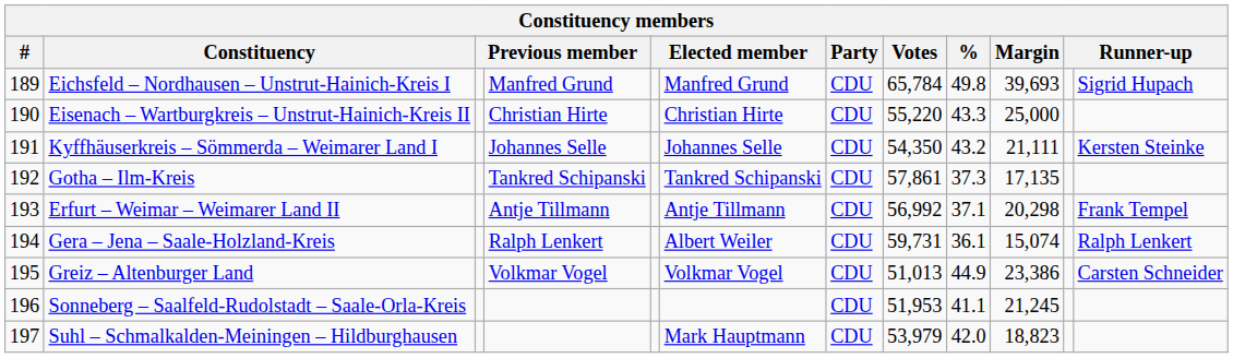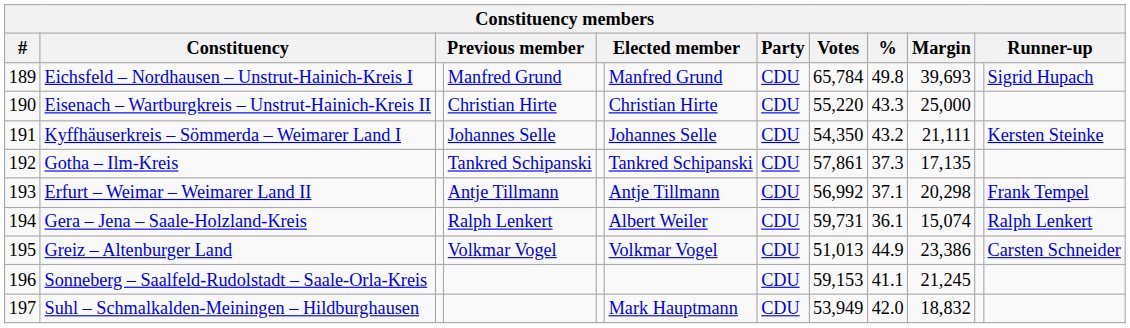 <table class="wikitable sortable" style="text-align:right">
 <tr>
 <th colspan="12">Constituency members</th>
 </tr>
 <tr>
 <th>#</th>
 <th>Constituency</th>
 <th colspan="2">Previous member</th>
 <th colspan="2">Elected member</th>
 <th>Party</th>
 <th>Votes</th>
 <th>%</th>
 <th>Margin</th>
 <th colspan="2">Runner-up</th>
 </tr>
 <tr>
 <td>189</td>
 <td align=left><a href='#'>Eichsfeld – Nordhausen – Unstrut-Hainich-Kreis I</a></td>
 <td bgcolor=></td>
 <td align=left><a href='#'>Manfred Grund</a></td>
 <td bgcolor=></td>
 <td align=left><a href='#'>Manfred Grund</a></td>
 <td align=left><a href='#'>CDU</a></td>
 <td>65,784</td>
 <td>49.8</td>
 <td>39,693</td>
 <td bgcolor=></td>
 <td align=left><a href='#'>Sigrid Hupach</a></td>
 </tr>
 <tr>
 <td>190</td>
 <td align=left><a href='#'>Eisenach – Wartburgkreis – Unstrut-Hainich-Kreis II</a></td>
 <td bgcolor=></td>
 <td align=left><a href='#'>Christian Hirte</a></td>
 <td bgcolor=></td>
 <td align=left><a href='#'>Christian Hirte</a></td>
 <td align=left><a href='#'>CDU</a></td>
 <td>55,220</td>
 <td>43.3</td>
 <td>25,000</td>
 <td bgcolor=></td>
 <td align=left></td>
 </tr>
 <tr>
 <td>191</td>
 <td align=left><a href='#'>Kyffhäuserkreis – Sömmerda – Weimarer Land I</a></td>
 <td bgcolor=></td>
 <td align=left><a href='#'>Johannes Selle</a></td>
 <td bgcolor=></td>
 <td align=left><a href='#'>Johannes Selle</a></td>
 <td align=left><a href='#'>CDU</a></td>
 <td>54,350</td>
 <td>43.2</td>
 <td>21,111</td>
 <td bgcolor=></td>
 <td align=left><a href='#'>Kersten Steinke</a></td>
 </tr>
 <tr>
 <td>192</td>
 <td align=left><a href='#'>Gotha – Ilm-Kreis</a></td>
 <td bgcolor=></td>
 <td align=left><a href='#'>Tankred Schipanski</a></td>
 <td bgcolor=></td>
 <td align=left><a href='#'>Tankred Schipanski</a></td>
 <td align=left><a href='#'>CDU</a></td>
 <td>57,861</td>
 <td>37.3</td>
 <td>17,135</td>
 <td bgcolor=></td>
 <td align=left></td>
 </tr>
 <tr>
 <td>193</td>
 <td align=left><a href='#'>Erfurt – Weimar – Weimarer Land II</a></td>
 <td bgcolor=></td>
 <td align=left><a href='#'>Antje Tillmann</a></td>
 <td bgcolor=></td>
 <td align=left><a href='#'>Antje Tillmann</a></td>
 <td align=left><a href='#'>CDU</a></td>
 <td>56,992</td>
 <td>37.1</td>
 <td>20,298</td>
 <td bgcolor=></td>
 <td align=left><a href='#'>Frank Tempel</a></td>
 </tr>
 <tr>
 <td>194</td>
 <td align=left><a href='#'>Gera – Jena – Saale-Holzland-Kreis</a></td>
 <td bgcolor=></td>
 <td align=left><a href='#'>Ralph Lenkert</a></td>
 <td bgcolor=></td>
 <td align=left><a href='#'>Albert Weiler</a></td>
 <td align=left><a href='#'>CDU</a></td>
 <td>59,731</td>
 <td>36.1</td>
 <td>15,074</td>
 <td bgcolor=></td>
 <td align=left><a href='#'>Ralph Lenkert</a></td>
 </tr>
 <tr>
 <td>195</td>
 <td align=left><a href='#'>Greiz – Altenburger Land</a></td>
 <td bgcolor=></td>
 <td align=left><a href='#'>Volkmar Vogel</a></td>
 <td bgcolor=></td>
 <td align=left><a href='#'>Volkmar Vogel</a></td>
 <td align=left><a href='#'>CDU</a></td>
 <td>51,013</td>
 <td>44.9</td>
 <td>23,386</td>
 <td bgcolor=></td>
 <td align=left><a href='#'>Carsten Schneider</a></td>
 </tr>
 <tr>
 <td>196</td>
 <td align=left><a href='#'>Sonneberg – Saalfeld-Rudolstadt – Saale-Orla-Kreis</a></td>
 <td bgcolor=></td>
 <td align=left></td>
 <td></td>
 <td align=left></td>
 <td align="left"><a href='#'>CDU</a></td>
-<td>51,953</td>
+<td>59,153</td>
 <td>41.1</td>
 <td>21,245</td>
 <td bgcolor=></td>
 <td align=left></td>
 </tr>
 <tr>
 <td>197</td>
 <td align=left><a href='#'>Suhl – Schmalkalden-Meiningen – Hildburghausen</a></td>
 <td bgcolor=></td>
 <td align=left></td>
 <td></td>
 <td align=left><a href='#'>Mark Hauptmann</a></td>
 <td align=left><a href='#'>CDU</a></td>
-<td>53,979</td>
+<td>53,949</td>
 <td>42.0</td>
-<td>18,823</td>
+<td>18,832</td>
 <td bgcolor=></td>
 <td align=left></td>
 </tr>
 </table>
